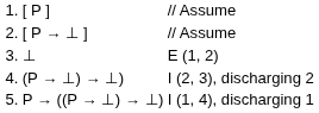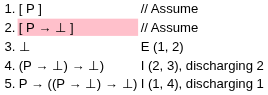 <table>
 <tr>
 <td>1.</td>
 <td>[ P ]</td>
 <td>// Assume</td>
 </tr>
 <tr>
 <td>2.</td>
-<td>[ P → ⊥ ]</td>
+<td style="background: pink;">[ P → ⊥ ]</td>
 <td>// Assume</td>
 </tr>
 <tr>
 <td>3.</td>
 <td>⊥</td>
 <td>E (1, 2)</td>
 </tr>
 <tr>
 <td>4.</td>
 <td>(P → ⊥) → ⊥)</td>
 <td>I (2, 3), discharging 2</td>
 </tr>
 <tr>
 <td>5.</td>
 <td>P → ((P → ⊥) → ⊥)</td>
 <td>I (1, 4), discharging 1</td>
 </tr>
 </table>
